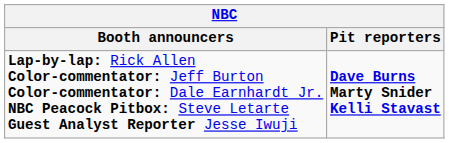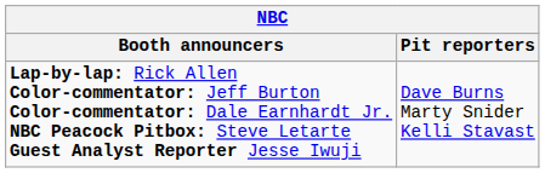 <table class="wikitable" style="font-size: 95%">
 <tr>
 <th colspan="2"><a href='#'>NBC</a></th>
 </tr>
 <tr>
 <th>Booth announcers</th>
 <th>Pit reporters</th>
 </tr>
 <tr>
 <td><strong>Lap-by-lap:</strong> <a href='#'>Rick Allen</a><br><strong>Color-commentator:</strong> <a href='#'>Jeff Burton</a><br><strong>Color-commentator:</strong> <a href='#'>Dale Earnhardt Jr.</a><br><strong>NBC Peacock Pitbox:</strong> <a href='#'>Steve Letarte</a><br><strong>Guest Analyst Reporter</strong> <a href='#'>Jesse Iwuji</a></td>
-<td><strong><a href='#'>Dave Burns</a><br>Marty Snider<br><a href='#'>Kelli Stavast</a></strong></td>
+<td><a href='#'>Dave Burns</a><br>Marty Snider<br><a href='#'>Kelli Stavast</a></td>
 </tr>
 </table>
